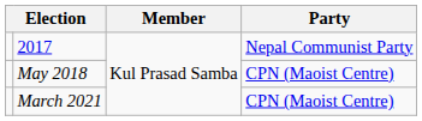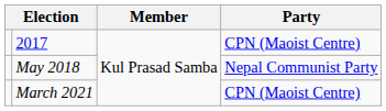 <table class="wikitable">
 <tr>
 <th colspan="2">Election</th>
 <th>Member</th>
 <th>Party</th>
 </tr>
 <tr>
 <td style="background-color:"></td>
 <td><a href='#'>2017</a></td>
 <td rowspan="3">Kul Prasad Samba</td>
-<td><a href='#'>Nepal Communist Party</a></td>
+<td><a href='#'>CPN (Maoist Centre)</a></td>
 </tr>
 <tr>
 <td style="background-color:"></td>
 <td><em>May 2018</em></td>
-<td><a href='#'>CPN (Maoist Centre)</a></td>
+<td><a href='#'>Nepal Communist Party</a></td>
 </tr>
 <tr>
 <td style="background-color:"></td>
 <td><em>March 2021</em></td>
 <td><a href='#'>CPN (Maoist Centre)</a></td>
 </tr>
 </table>
